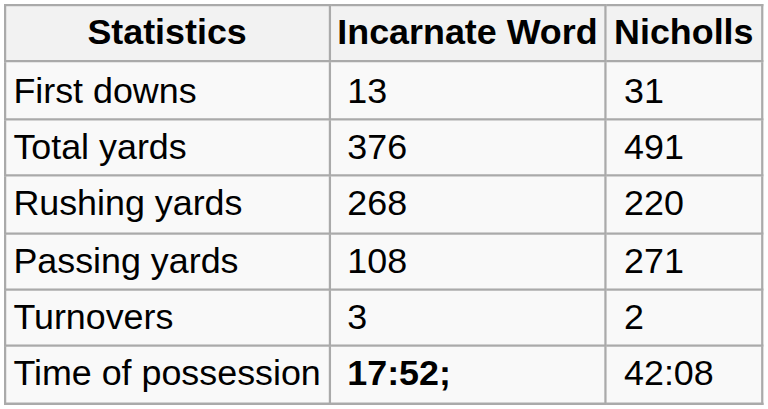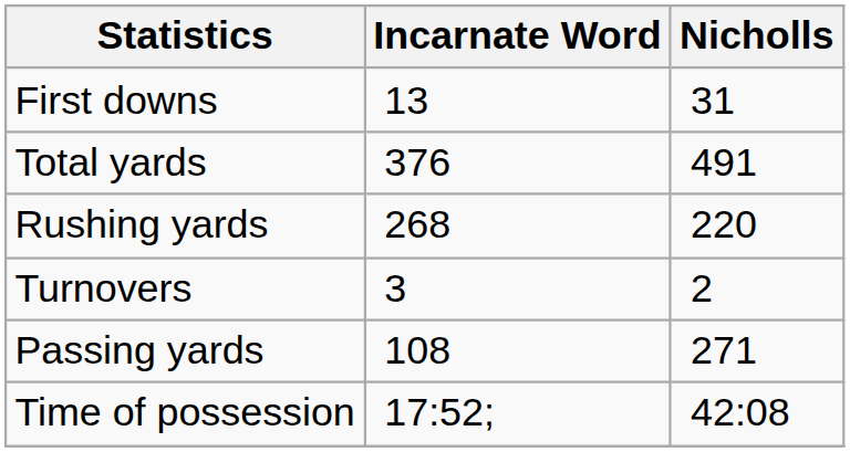 <table class="wikitable">
 <tr>
 <th>Statistics</th>
 <th>Incarnate Word</th>
 <th>Nicholls</th>
 </tr>
 <tr>
 <td>First downs</td>
 <td> 13</td>
 <td> 31</td>
 </tr>
 <tr>
 <td>Total yards</td>
 <td> 376</td>
 <td> 491</td>
 </tr>
 <tr>
 <td>Rushing yards</td>
 <td> 268</td>
 <td> 220</td>
 </tr>
 <tr>
+<td>Turnovers</td>
+<td> 3</td>
+<td> 2</td>
+</tr>
+<tr>
 <td>Passing yards</td>
 <td> 108</td>
 <td> 271</td>
 </tr>
 <tr>
-<td>Turnovers</td>
-<td> 3</td>
-<td> 2</td>
-</tr>
-<tr>
 <td>Time of possession</td>
-<td><strong> 17:52;</strong></td>
+<td> 17:52;</td>
 <td> 42:08</td>
 </tr>
 <tr>
 </tr>
 </table>
